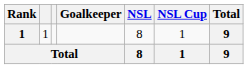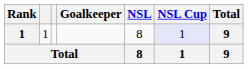 <table class="wikitable sortable" style="text-align:center">
 <tr>
 <th>Rank</th>
 <th></th>
 <th></th>
 <th>Goalkeeper</th>
 <th><a href='#'>NSL</a></th>
 <th><a href='#'>NSL Cup</a></th>
 <th>Total</th>
 </tr>
 <tr>
 <th>1</th>
 <td>1</td>
 <td></td>
 <td align="left"></td>
 <td>8</td>
-<td>1</td>
+<td style="background: lavender;">1</td>
 <th>9</th>
 </tr>
 <tr>
 <th colspan="4">Total</th>
 <th>8</th>
 <th>1</th>
 <th>9</th>
 </tr>
 </table>
